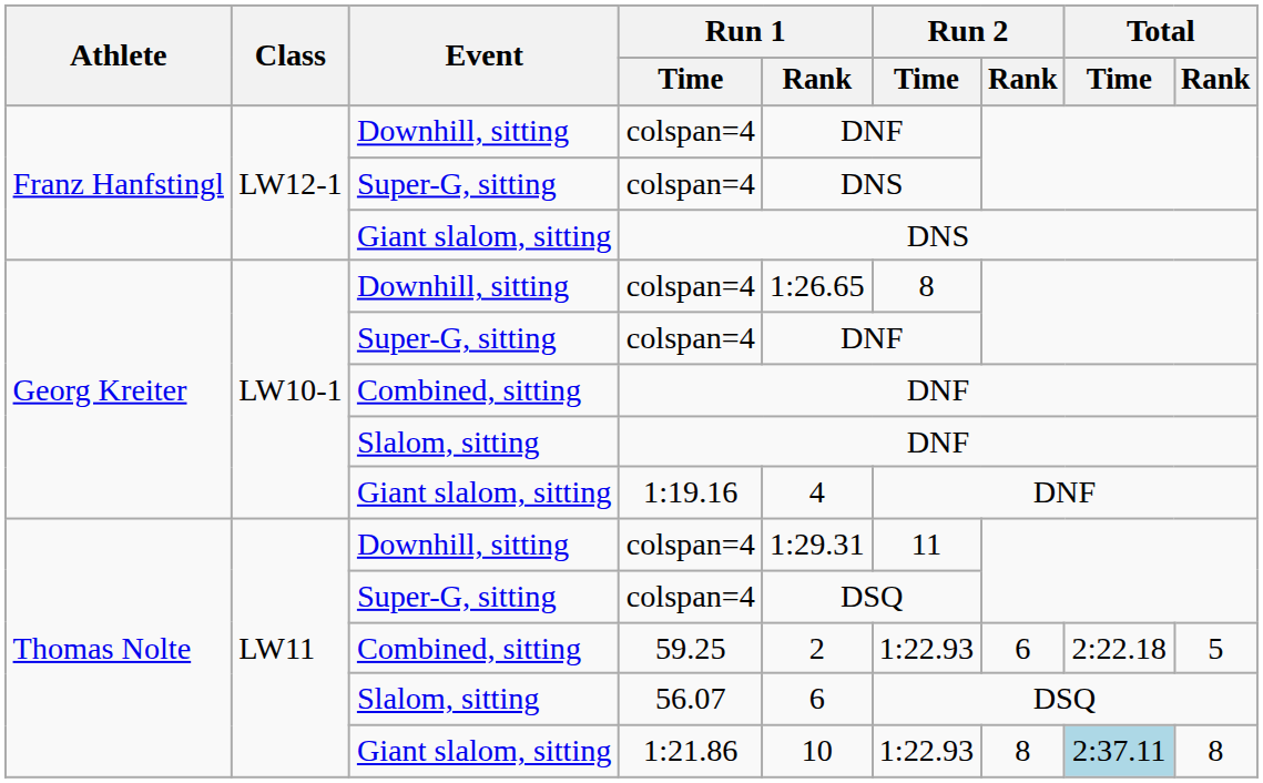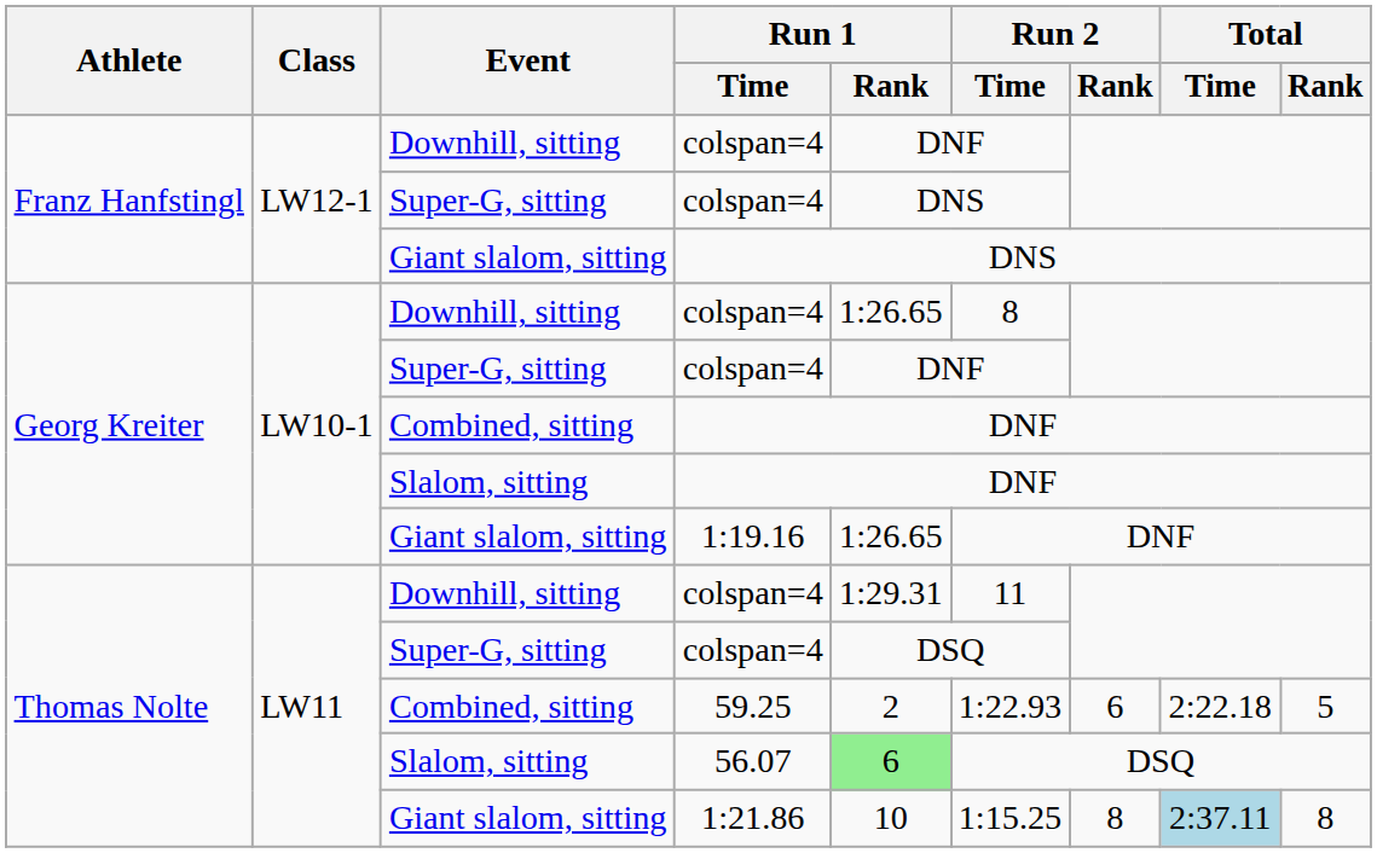 <table class="wikitable" style="font-size:90%">
 <tr>
 <th rowspan=2>Athlete</th>
 <th rowspan=2>Class</th>
 <th rowspan=2>Event</th>
 <th colspan=2>Run 1</th>
 <th colspan=2>Run 2</th>
 <th colspan=2>Total</th>
 </tr>
 <tr style="font-size:95%">
 <th>Time</th>
 <th>Rank</th>
 <th>Time</th>
 <th>Rank</th>
 <th>Time</th>
 <th>Rank</th>
 </tr>
 <tr>
 <td rowspan=3><a href='#'>Franz Hanfstingl</a></td>
 <td rowspan=3>LW12-1</td>
 <td><a href='#'>Downhill, sitting</a></td>
 <td>colspan=4 </td>
 <td align="center" colspan=2>DNF</td>
 </tr>
 <tr>
 <td><a href='#'>Super-G, sitting</a></td>
 <td>colspan=4 </td>
 <td align="center" colspan=2>DNS</td>
 </tr>
 <tr>
 <td><a href='#'>Giant slalom, sitting</a></td>
 <td align="center" colspan=6>DNS</td>
 </tr>
 <tr>
 <td rowspan=5><a href='#'>Georg Kreiter</a></td>
 <td rowspan=5>LW10-1</td>
 <td><a href='#'>Downhill, sitting</a></td>
 <td>colspan=4 </td>
 <td align="center">1:26.65</td>
 <td align="center">8</td>
 </tr>
 <tr>
 <td><a href='#'>Super-G, sitting</a></td>
 <td>colspan=4 </td>
 <td align="center" colspan=2>DNF</td>
 </tr>
 <tr>
 <td><a href='#'>Combined, sitting</a></td>
 <td align="center" colspan=6>DNF</td>
 </tr>
 <tr>
 <td><a href='#'>Slalom, sitting</a></td>
 <td align="center" colspan=6>DNF</td>
 </tr>
 <tr>
 <td><a href='#'>Giant slalom, sitting</a></td>
 <td align="center">1:19.16</td>
-<td align="center">4</td>
+<td align="center">1:26.65</td>
 <td align="center" colspan=4>DNF</td>
 </tr>
 <tr>
 <td rowspan=5><a href='#'>Thomas Nolte</a></td>
 <td rowspan=5>LW11</td>
 <td><a href='#'>Downhill, sitting</a></td>
 <td>colspan=4 </td>
 <td align="center">1:29.31</td>
 <td align="center">11</td>
 </tr>
 <tr>
 <td><a href='#'>Super-G, sitting</a></td>
 <td>colspan=4 </td>
 <td align="center" colspan=2>DSQ</td>
 </tr>
 <tr>
 <td><a href='#'>Combined, sitting</a></td>
 <td align="center">59.25</td>
 <td align="center">2</td>
 <td align="center">1:22.93</td>
 <td align="center">6</td>
 <td align="center">2:22.18</td>
 <td align="center">5</td>
 </tr>
 <tr>
 <td><a href='#'>Slalom, sitting</a></td>
 <td align="center">56.07</td>
-<td align="center">6</td>
+<td align="center" style="background: lightgreen;">6</td>
 <td align="center" colspan=4>DSQ</td>
 </tr>
 <tr>
 <td><a href='#'>Giant slalom, sitting</a></td>
 <td align="center">1:21.86</td>
 <td align="center">10</td>
-<td align="center">1:22.93</td>
+<td align="center">1:15.25</td>
 <td align="center">8</td>
 <td align="center" style="background: lightblue;">2:37.11</td>
 <td align="center">8</td>
 </tr>
 </table>
